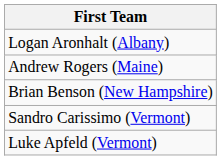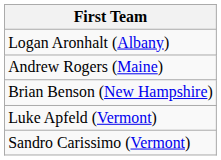 <table class="wikitable">
 <tr>
 <th>First Team</th>
 </tr>
 <tr>
 <td>Logan Aronhalt (<a href='#'>Albany</a>)</td>
 </tr>
 <tr>
 <td>Andrew Rogers (<a href='#'>Maine</a>)</td>
 </tr>
 <tr>
 <td>Brian Benson (<a href='#'>New Hampshire</a>)</td>
 </tr>
 <tr>
+<td>Luke Apfeld (<a href='#'>Vermont</a>)</td>
+</tr>
+<tr>
 <td>Sandro Carissimo (<a href='#'>Vermont</a>)</td>
 </tr>
-<tr>
-<td>Luke Apfeld (<a href='#'>Vermont</a>)</td>
-</tr>
 </table>
